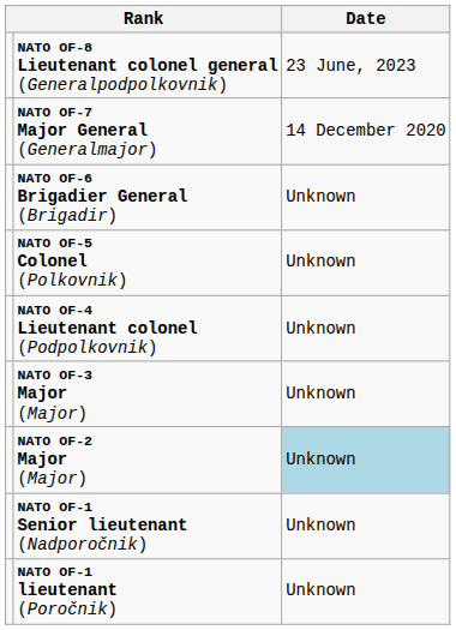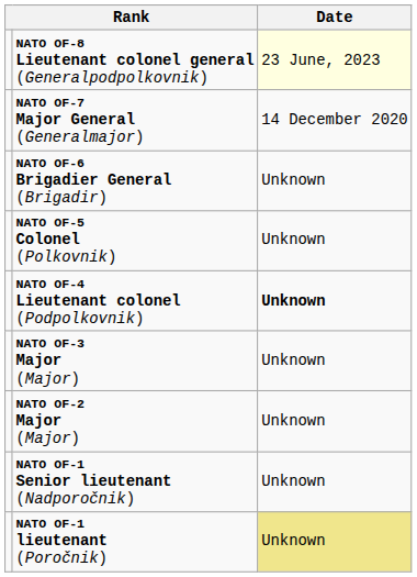 <table class="wikitable">
 <tr>
 <th colspan="2">Rank</th>
 <th>Date</th>
 </tr>
 <tr>
 <td></td>
 <td><small><strong>NATO OF-8</strong></small><br><strong>Lieutenant colonel general</strong><br>(<em>Generalpodpolkovnik</em>)</td>
-<td>23 June, 2023</td>
+<td style="background: lightyellow;">23 June, 2023</td>
 </tr>
 <tr>
 <td></td>
 <td><small><strong>NATO OF-7</strong></small><br><strong>Major General</strong><br>(<em>Generalmajor</em>)</td>
 <td>14 December 2020</td>
 </tr>
 <tr>
 <td></td>
 <td><small><strong>NATO OF-6</strong></small><br><strong>Brigadier General</strong><br>(<em>Brigadir</em>)</td>
 <td>Unknown</td>
 </tr>
 <tr>
 <td></td>
 <td><small><strong>NATO OF-5</strong></small><br><strong>Colonel</strong><br>(<em>Polkovnik</em>)</td>
 <td>Unknown</td>
 </tr>
 <tr>
 <td></td>
 <td><small><strong>NATO OF-4</strong></small><br><strong>Lieutenant colonel</strong><br>(<em>Podpolkovnik</em>)</td>
-<td>Unknown</td>
+<td><strong>Unknown</strong></td>
 </tr>
 <tr>
 <td></td>
 <td><small><strong>NATO OF-3</strong></small><br><strong>Major</strong><br>(<em>Major</em>)</td>
 <td>Unknown</td>
 </tr>
 <tr>
 <td></td>
 <td><small><strong>NATO OF-2</strong></small><br><strong>Major</strong><br>(<em>Major</em>)</td>
-<td style="background: lightblue;">Unknown</td>
+<td>Unknown</td>
 </tr>
 <tr>
 <td></td>
 <td><small><strong>NATO OF-1</strong></small><br><strong>Senior lieutenant</strong><br>(<em>Nadporočnik</em>)</td>
 <td>Unknown</td>
 </tr>
 <tr>
 <td></td>
 <td><small><strong>NATO OF-1</strong></small><br><strong>lieutenant</strong><br>(<em>Poročnik</em>)</td>
-<td>Unknown</td>
+<td style="background: khaki;">Unknown</td>
 </tr>
 </table>
